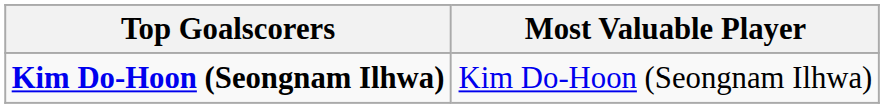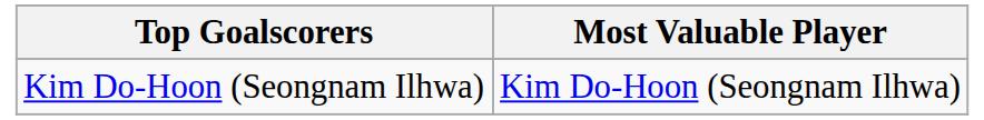 <table class="wikitable" style="text-align: center; margin: 0 auto;">
 <tr>
 <th>Top Goalscorers</th>
 <th>Most Valuable Player</th>
 </tr>
 <tr>
-<td><strong> <a href='#'>Kim Do-Hoon</a> (Seongnam Ilhwa)</strong></td>
+<td> <a href='#'>Kim Do-Hoon</a> (Seongnam Ilhwa)</td>
 <td> <a href='#'>Kim Do-Hoon</a> (Seongnam Ilhwa)</td>
 </tr>
 </table>
